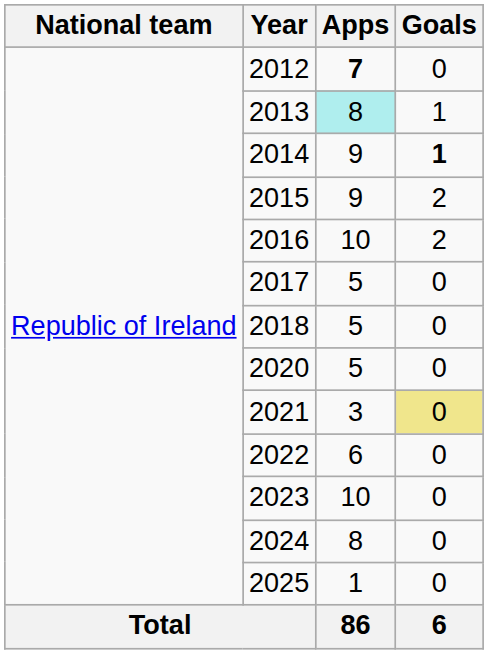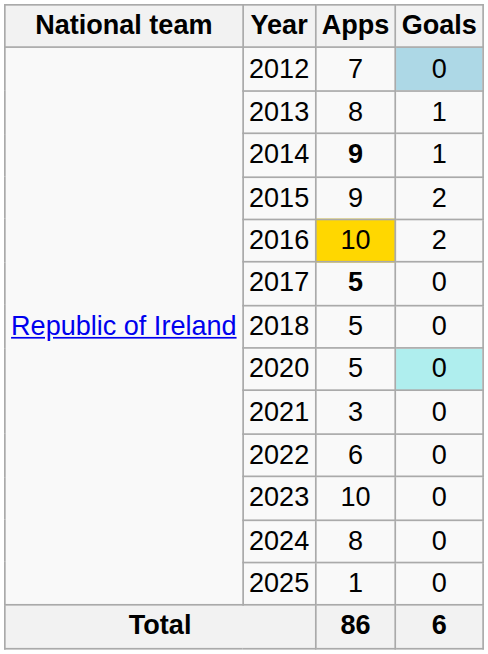 <table class="sortable wikitable" style="text-align:center">
 <tr>
 <th scope="col">National team</th>
 <th scope="col">Year</th>
 <th !scope="col">Apps</th>
 <th !scope="col">Goals</th>
 </tr>
 <tr>
 <td rowspan="13"><a href='#'>Republic of Ireland</a></td>
 <td scope="row">2012</td>
-<td><strong>7</strong></td>
-<td>0</td>
+<td>7</td>
+<td style="background: lightblue;">0</td>
 </tr>
 <tr>
 <td scope="row">2013</td>
-<td style="background: paleturquoise;">8</td>
+<td>8</td>
 <td>1</td>
 </tr>
 <tr>
 <td scope="row">2014</td>
-<td>9</td>
-<td><strong>1</strong></td>
+<td><strong>9</strong></td>
+<td>1</td>
 </tr>
 <tr>
 <td scope="row">2015</td>
 <td>9</td>
 <td>2</td>
 </tr>
 <tr>
 <td scope="row">2016</td>
-<td>10</td>
+<td style="background: gold;">10</td>
 <td>2</td>
 </tr>
 <tr>
 <td scope="row">2017</td>
-<td>5</td>
+<td><strong>5</strong></td>
 <td>0</td>
 </tr>
 <tr>
 <td scope="row">2018</td>
 <td>5</td>
 <td>0</td>
 </tr>
 <tr>
 <td scope="row">2020</td>
 <td>5</td>
-<td>0</td>
+<td style="background: paleturquoise;">0</td>
 </tr>
 <tr>
 <td scope="row">2021</td>
 <td>3</td>
-<td style="background: khaki;">0</td>
+<td>0</td>
 </tr>
 <tr>
 <td scope="row">2022</td>
 <td>6</td>
 <td>0</td>
 </tr>
 <tr>
 <td scope="row">2023</td>
 <td>10</td>
 <td>0</td>
 </tr>
 <tr>
 <td>2024</td>
 <td>8</td>
 <td>0</td>
 </tr>
 <tr>
 <td>2025</td>
 <td>1</td>
 <td>0</td>
 </tr>
 <tr>
 <th colspan="2">Total</th>
 <th>86</th>
 <th>6</th>
 </tr>
 </table>
